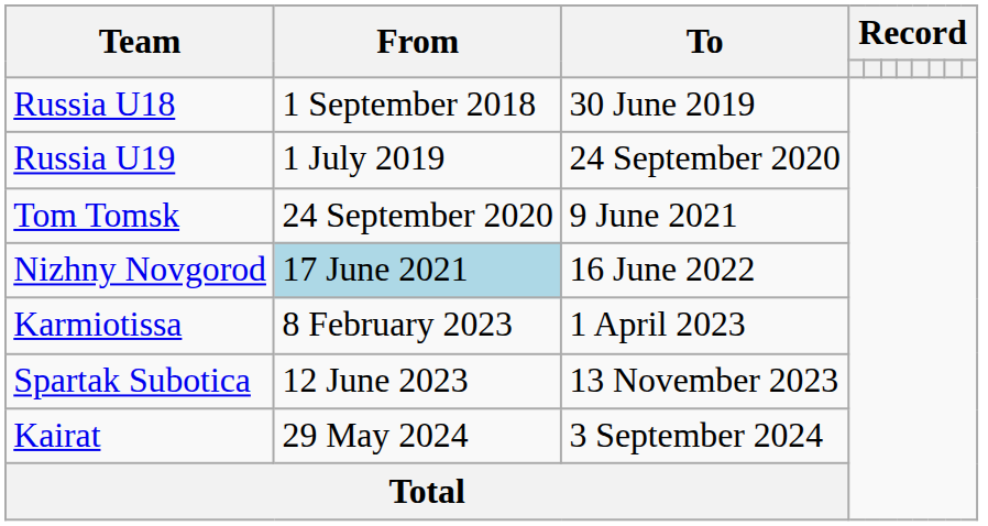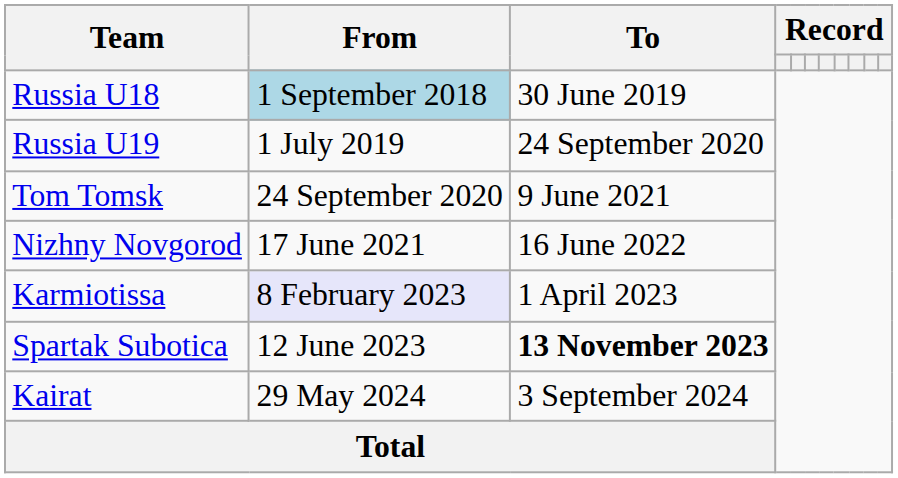 <table class="wikitable" style="text-align: center">
 <tr>
 <th rowspan="2">Team</th>
 <th rowspan="2">From</th>
 <th rowspan="2">To</th>
 <th colspan="8">Record</th>
 </tr>
 <tr>
 <th></th>
 <th></th>
 <th></th>
 <th></th>
 <th></th>
 <th></th>
 <th></th>
 <th></th>
 </tr>
 <tr>
 <td align=left><a href='#'>Russia U18</a></td>
-<td align=left>1 September 2018</td>
+<td align=left style="background: lightblue;">1 September 2018</td>
 <td align=left>30 June 2019<br></td>
 </tr>
 <tr>
 <td align=left><a href='#'>Russia U19</a></td>
 <td align=left>1 July 2019</td>
 <td align=left>24 September 2020<br></td>
 </tr>
 <tr>
 <td align=left><a href='#'>Tom Tomsk</a></td>
 <td align=left>24 September 2020</td>
 <td align=left>9 June 2021<br></td>
 </tr>
 <tr>
 <td align=left><a href='#'>Nizhny Novgorod</a></td>
-<td align=left style="background: lightblue;">17 June 2021</td>
+<td align=left>17 June 2021</td>
 <td align=left>16 June 2022<br></td>
 </tr>
 <tr>
 <td align=left><a href='#'>Karmiotissa</a></td>
-<td align=left>8 February 2023</td>
+<td align=left style="background: lavender;">8 February 2023</td>
 <td align=left>1 April 2023<br></td>
 </tr>
 <tr>
 <td align=left><a href='#'>Spartak Subotica</a></td>
 <td align=left>12 June 2023</td>
-<td align=left>13 November 2023<br></td>
+<td align=left><strong>13 November 2023<br></strong></td>
 </tr>
 <tr>
 <td align=left><a href='#'>Kairat</a></td>
 <td align=left>29 May 2024</td>
 <td align=left>3 September 2024<br></td>
 </tr>
 <tr>
 <th colspan="3">Total<br></th>
 </tr>
 </table>
